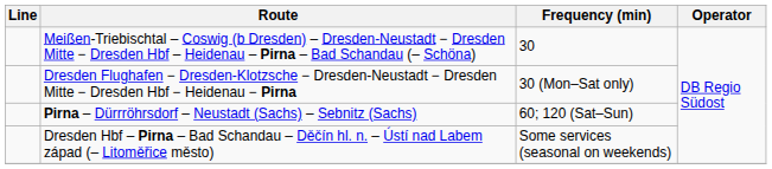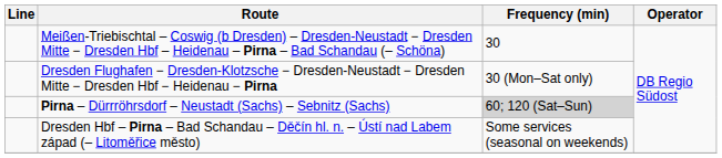 <table class="wikitable">
 <tr>
 <th>Line</th>
 <th>Route</th>
 <th>Frequency (min)</th>
 <th>Operator</th>
 </tr>
 <tr>
 <td></td>
 <td><a href='#'>Meißen</a>-Triebischtal – <a href='#'>Coswig (b Dresden)</a> – <a href='#'>Dresden-Neustadt</a> − <a href='#'>Dresden Mitte</a> − <a href='#'>Dresden Hbf</a> – <a href='#'>Heidenau</a> – <strong>Pirna</strong> – <a href='#'>Bad Schandau</a> (– <a href='#'>Schöna</a>)</td>
 <td>30</td>
 <td rowspan=4><a href='#'>DB Regio Südost</a></td>
 </tr>
 <tr>
 <td></td>
 <td><a href='#'>Dresden Flughafen</a> − <a href='#'>Dresden-Klotzsche</a> − Dresden-Neustadt − Dresden Mitte − Dresden Hbf − Heidenau − <strong>Pirna</strong></td>
 <td>30 (Mon–Sat only)</td>
 </tr>
 <tr>
 <td></td>
 <td><strong>Pirna</strong> – <a href='#'>Dürrröhrsdorf</a> – <a href='#'>Neustadt (Sachs)</a> – <a href='#'>Sebnitz (Sachs)</a></td>
-<td>60; 120 (Sat–Sun)</td>
+<td style="background: lightgrey;">60; 120 (Sat–Sun)</td>
 </tr>
 <tr>
 <td></td>
 <td>Dresden Hbf – <strong>Pirna</strong> – Bad Schandau – <a href='#'>Děčín hl. n.</a> – <a href='#'>Ústí nad Labem</a> západ (– <a href='#'>Litoměřice</a> město)</td>
 <td>Some services (seasonal on weekends)</td>
 </tr>
 <tr>
 </tr>
 </table>
